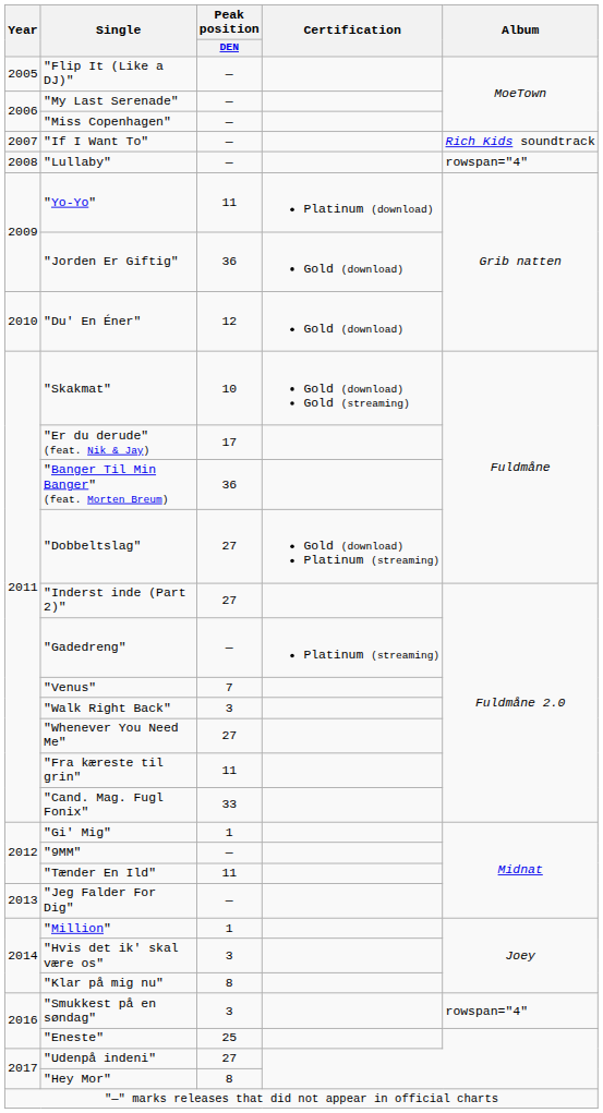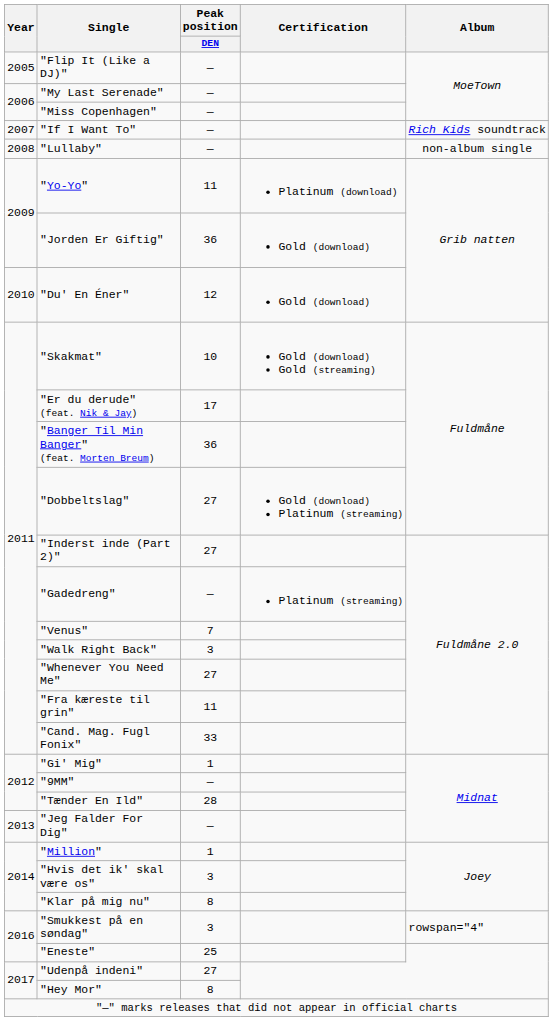 <table class="wikitable plainrowheaders" style="text-align:left;" border="1">
 <tr>
 <th scope="col" rowspan="2">Year</th>
 <th scope="col" rowspan="2" style="width:12em;">Single</th>
 <th scope="col" colspan="1">Peak<br>position</th>
 <th scope="col" rowspan="2">Certification</th>
 <th scope="col" rowspan="2">Album</th>
 </tr>
 <tr>
 <th scope="col" style="width:3em;font-size:85%;"><a href='#'>DEN</a><br></th>
 </tr>
 <tr>
 <td>2005</td>
 <td>"Flip It (Like a DJ)"</td>
 <td style="text-align:center;">—</td>
 <td></td>
 <td rowspan="3" style="text-align:center;"><em>MoeTown</em></td>
 </tr>
 <tr>
 <td rowspan="2">2006</td>
 <td>"My Last Serenade"</td>
 <td style="text-align:center;">—</td>
 <td></td>
 </tr>
 <tr>
 <td>"Miss Copenhagen"</td>
 <td style="text-align:center;">—</td>
 <td></td>
 </tr>
 <tr>
 <td>2007</td>
 <td>"If I Want To"</td>
 <td style="text-align:center;">—</td>
 <td></td>
 <td style="text-align:center;"><em><a href='#'>Rich Kids</a></em> soundtrack</td>
 </tr>
 <tr>
 <td>2008</td>
 <td>"Lullaby"</td>
 <td style="text-align:center;">—</td>
 <td></td>
-<td>rowspan="4" </td>
+<td style="text-align:center;">non-album single</td>
 </tr>
 <tr>
 <td rowspan="2">2009</td>
 <td>"<a href='#'>Yo-Yo</a>"</td>
 <td style="text-align:center;">11</td>
 <td><br><ul><li>Platinum <small>(download)</small></li></ul></td>
 <td rowspan="3" style="text-align:center;"><em>Grib natten</em></td>
 </tr>
 <tr>
 <td>"Jorden Er Giftig"</td>
 <td style="text-align:center;">36</td>
 <td><br><ul><li>Gold <small>(download)</small></li></ul></td>
 </tr>
 <tr>
 <td>2010</td>
 <td>"Du' En Éner"</td>
 <td style="text-align:center;">12</td>
 <td><br><ul><li>Gold <small>(download)</small></li></ul></td>
 </tr>
 <tr>
 <td rowspan="11">2011</td>
 <td>"Skakmat"</td>
 <td style="text-align:center;">10</td>
 <td><br><ul><li>Gold <small>(download)</small></li><li>Gold <small>(streaming)</small></li></ul></td>
 <td rowspan="4" style="text-align:center;"><em>Fuldmåne</em></td>
 </tr>
 <tr>
 <td>"Er du derude"<br><small>(feat. <a href='#'>Nik & Jay</a>)</small></td>
 <td style="text-align:center;">17</td>
 <td></td>
 </tr>
 <tr>
 <td>"<a href='#'>Banger Til Min Banger</a>"<br><small>(feat. <a href='#'>Morten Breum</a>)</small></td>
 <td style="text-align:center;">36</td>
 <td></td>
 </tr>
 <tr>
 <td>"Dobbeltslag"</td>
 <td style="text-align:center;">27</td>
 <td><br><ul><li>Gold <small>(download)</small></li><li>Platinum <small>(streaming)</small></li></ul></td>
 </tr>
 <tr>
 <td>"Inderst inde (Part 2)"</td>
 <td style="text-align:center;">27</td>
 <td></td>
 <td rowspan="7" style="text-align:center;"><em>Fuldmåne 2.0</em></td>
 </tr>
 <tr>
 <td>"Gadedreng"</td>
 <td style="text-align:center;">—</td>
 <td><br><ul><li>Platinum <small>(streaming)</small></li></ul></td>
 </tr>
 <tr>
 <td>"Venus"</td>
 <td style="text-align:center;">7</td>
 <td></td>
 </tr>
 <tr>
 <td>"Walk Right Back"</td>
 <td style="text-align:center;">3</td>
 <td></td>
 </tr>
 <tr>
 <td>"Whenever You Need Me"</td>
 <td style="text-align:center;">27</td>
 <td></td>
 </tr>
 <tr>
 <td>"Fra kæreste til grin"</td>
 <td style="text-align:center;">11</td>
 <td></td>
 </tr>
 <tr>
 <td>"Cand. Mag. Fugl Fonix"</td>
 <td style="text-align:center;">33</td>
 <td></td>
 </tr>
 <tr>
 <td rowspan="3">2012</td>
 <td>"Gi' Mig"</td>
 <td style="text-align:center;">1</td>
 <td></td>
 <td rowspan="4" style="text-align:center;"><em><a href='#'>Midnat</a></em></td>
 </tr>
 <tr>
 <td>"9MM" <br></td>
 <td style="text-align:center;">—</td>
 <td></td>
 </tr>
 <tr>
 <td>"Tænder En Ild" <br></td>
-<td style="text-align:center;">11</td>
+<td style="text-align:center;">28</td>
 <td></td>
 </tr>
 <tr>
 <td>2013</td>
 <td>"Jeg Falder For Dig"</td>
 <td style="text-align:center;">—</td>
 <td></td>
 </tr>
 <tr>
 <td rowspan="3">2014</td>
 <td>"<a href='#'>Million</a>"</td>
 <td style="text-align:center;">1</td>
 <td></td>
 <td style="text-align:center;" rowspan=3><em>Joey</em></td>
 </tr>
 <tr>
 <td>"Hvis det ik' skal være os"</td>
 <td style="text-align:center;">3</td>
 <td></td>
 </tr>
 <tr>
 <td>"Klar på mig nu"</td>
 <td style="text-align:center;">8</td>
 <td></td>
 </tr>
 <tr>
 <td rowspan="2">2016</td>
 <td>"Smukkest på en søndag"</td>
 <td style="text-align:center;">3</td>
 <td></td>
 <td>rowspan="4" </td>
 </tr>
 <tr>
 <td>"Eneste"</td>
 <td style="text-align:center;">25</td>
 <td></td>
 </tr>
 <tr>
 <td rowspan="2">2017</td>
 <td>"Udenpå indeni"</td>
 <td style="text-align:center;">27</td>
 </tr>
 <tr>
 <td>"Hey Mor"</td>
 <td style="text-align:center;">8<br></td>
 </tr>
 <tr>
 <td colspan="5" style="font-size:9pt;text-align:center;">"—" marks releases that did not appear in official charts</td>
 </tr>
 </table>
